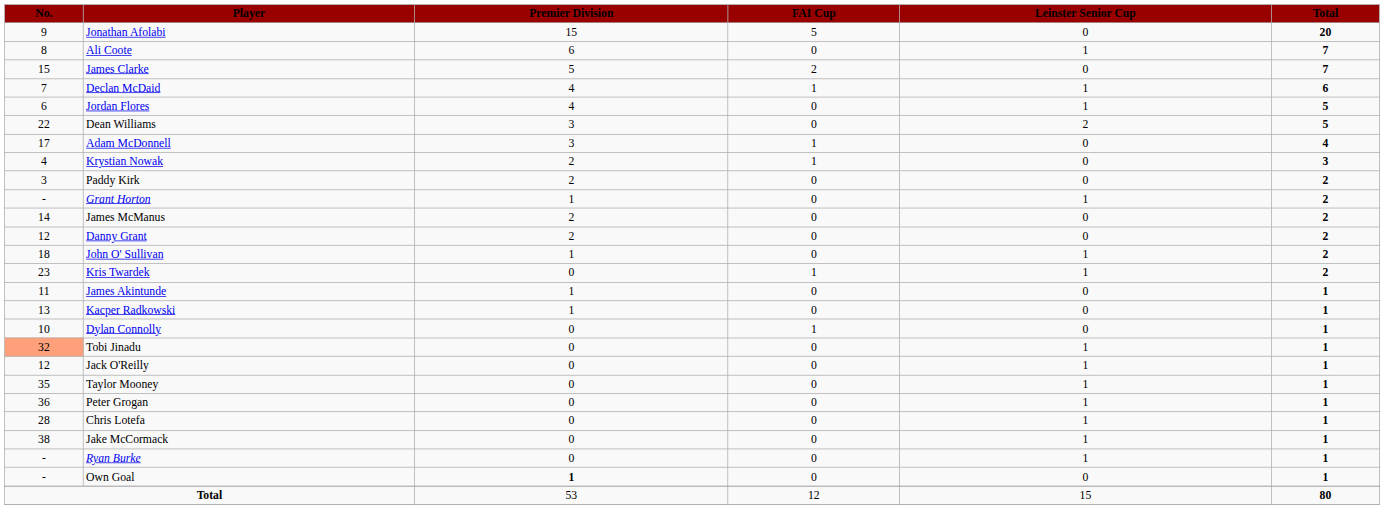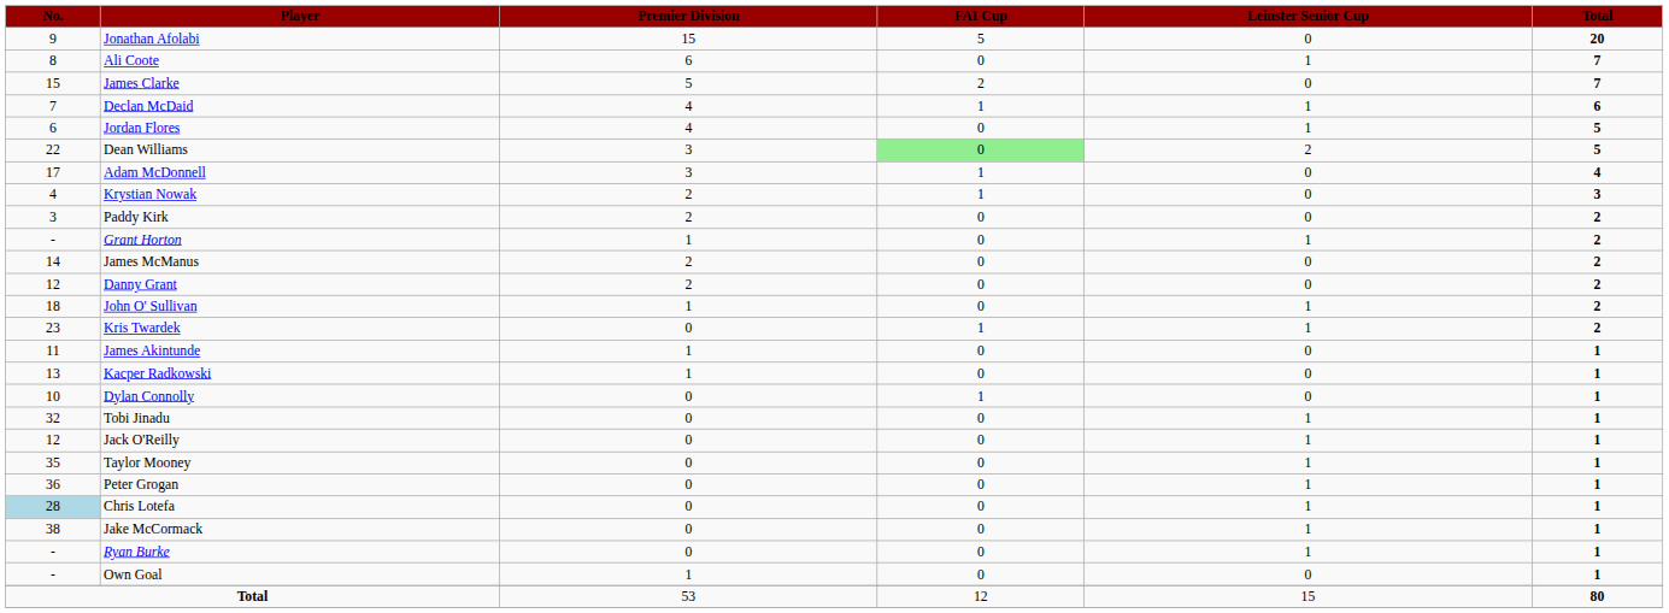 <table class="wikitable" style="text-align:center;width:95%;">
 <tr>
 <th style=background:#990000;color:#000000>No.</th>
 <th style=background:#990000;color:#000000>Player</th>
 <th style=background:#990000;color:#000000>Premier Division</th>
 <th style=background:#990000;color:#000000>FAI Cup</th>
 <th style=background:#990000;color:#000000>Leinster Senior Cup</th>
 <th style=background:#990000;color:#000000>Total</th>
 </tr>
 <tr>
 <td>9</td>
 <td align=left> <a href='#'>Jonathan Afolabi</a></td>
 <td>15</td>
 <td>5</td>
 <td>0</td>
 <td><strong>20</strong></td>
 </tr>
 <tr>
 <td>8</td>
 <td align=left> <a href='#'>Ali Coote</a></td>
 <td>6</td>
 <td>0</td>
 <td>1</td>
 <td><strong>7</strong></td>
 </tr>
 <tr>
 <td>15</td>
 <td align=left> <a href='#'>James Clarke</a></td>
 <td>5</td>
 <td>2</td>
 <td>0</td>
 <td><strong>7</strong></td>
 </tr>
 <tr>
 <td>7</td>
 <td align=left> <a href='#'>Declan McDaid</a></td>
 <td>4</td>
 <td>1</td>
 <td>1</td>
 <td><strong>6</strong></td>
 </tr>
 <tr>
 <td>6</td>
 <td align=left> <a href='#'>Jordan Flores</a></td>
 <td>4</td>
 <td>0</td>
 <td>1</td>
 <td><strong>5</strong></td>
 </tr>
 <tr>
 <td>22</td>
 <td align=left> Dean Williams</td>
 <td>3</td>
-<td>0</td>
+<td style="background: lightgreen;">0</td>
 <td>2</td>
 <td><strong>5</strong></td>
 </tr>
 <tr>
 <td>17</td>
 <td align=left> <a href='#'>Adam McDonnell</a></td>
 <td>3</td>
 <td>1</td>
 <td>0</td>
 <td><strong>4</strong></td>
 </tr>
 <tr>
 <td>4</td>
 <td align=left> <a href='#'>Krystian Nowak</a></td>
 <td>2</td>
 <td>1</td>
 <td>0</td>
 <td><strong>3</strong></td>
 </tr>
 <tr>
 <td>3</td>
 <td align=left> Paddy Kirk</td>
 <td>2</td>
 <td>0</td>
 <td>0</td>
 <td><strong>2</strong></td>
 </tr>
 <tr>
 <td><em>-</em></td>
 <td align=left> <em><a href='#'>Grant Horton</a> </em></td>
 <td>1</td>
 <td>0</td>
 <td>1</td>
 <td><strong>2</strong></td>
 </tr>
 <tr>
 <td>14</td>
 <td align=left> James McManus</td>
 <td>2</td>
 <td>0</td>
 <td>0</td>
 <td><strong>2</strong></td>
 </tr>
 <tr>
 <td>12</td>
 <td align=left> <a href='#'>Danny Grant</a></td>
 <td>2</td>
 <td>0</td>
 <td>0</td>
 <td><strong>2</strong></td>
 </tr>
 <tr>
 <td>18</td>
 <td align=left><a href='#'>John O' Sullivan</a></td>
 <td>1</td>
 <td>0</td>
 <td>1</td>
 <td><strong>2</strong></td>
 </tr>
 <tr>
 <td>23</td>
 <td align=left> <a href='#'>Kris Twardek</a></td>
 <td>0</td>
 <td>1</td>
 <td>1</td>
 <td><strong>2</strong></td>
 </tr>
 <tr>
 <td>11</td>
 <td align=left> <a href='#'>James Akintunde</a></td>
 <td>1</td>
 <td>0</td>
 <td>0</td>
 <td><strong>1</strong></td>
 </tr>
 <tr>
 <td>13</td>
 <td align=left> <a href='#'>Kacper Radkowski</a></td>
 <td>1</td>
 <td>0</td>
 <td>0</td>
 <td><strong>1</strong></td>
 </tr>
 <tr>
 <td>10</td>
 <td align=left> <a href='#'>Dylan Connolly</a></td>
 <td>0</td>
 <td>1</td>
 <td>0</td>
 <td><strong>1</strong></td>
 </tr>
 <tr>
-<td style="background: lightsalmon;">32</td>
+<td>32</td>
 <td align=left> Tobi Jinadu</td>
 <td>0</td>
 <td>0</td>
 <td>1</td>
 <td><strong>1</strong></td>
 </tr>
 <tr>
 <td>12</td>
 <td align=left> Jack O'Reilly</td>
 <td>0</td>
 <td>0</td>
 <td>1</td>
 <td><strong>1</strong></td>
 </tr>
 <tr>
 <td>35</td>
 <td align=left> Taylor Mooney</td>
 <td>0</td>
 <td>0</td>
 <td>1</td>
 <td><strong>1</strong></td>
 </tr>
 <tr>
 <td>36</td>
 <td align=left> Peter Grogan</td>
 <td>0</td>
 <td>0</td>
 <td>1</td>
 <td><strong>1</strong></td>
 </tr>
 <tr>
-<td>28</td>
+<td style="background: lightblue;">28</td>
 <td align=left> Chris Lotefa</td>
 <td>0</td>
 <td>0</td>
 <td>1</td>
 <td><strong>1</strong></td>
 </tr>
 <tr>
 <td>38</td>
 <td align=left> Jake McCormack</td>
 <td>0</td>
 <td>0</td>
 <td>1</td>
 <td><strong>1</strong></td>
 </tr>
 <tr>
 <td><em>-</em></td>
 <td align=left><em><a href='#'>Ryan Burke</a></em></td>
 <td>0</td>
 <td>0</td>
 <td>1</td>
 <td><strong>1</strong></td>
 </tr>
 <tr>
 <td><em>-</em></td>
 <td align=left>Own Goal</td>
-<td><strong>1</strong></td>
+<td>1</td>
 <td>0</td>
 <td>0</td>
 <td><strong>1</strong></td>
 </tr>
 <tr>
 </tr>
 <tr>
 <td colspan=2><strong>Total</strong></td>
 <td>53</td>
 <td>12</td>
 <td>15</td>
 <td><strong>80</strong></td>
 </tr>
 <tr>
 </tr>
 </table>
